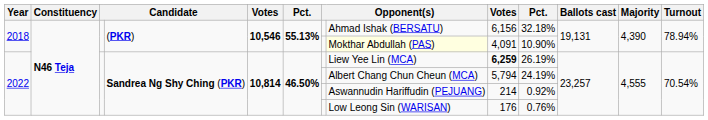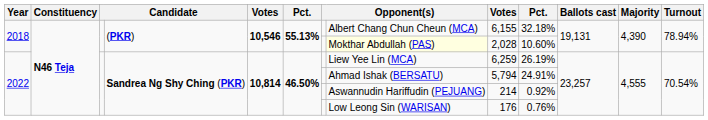 <table class="wikitable" style="margin:0.5em ; font-size:95%">
 <tr>
 <th>Year</th>
 <th>Constituency</th>
 <th colspan="2">Candidate</th>
 <th>Votes</th>
 <th>Pct.</th>
 <th colspan="2">Opponent(s)</th>
 <th>Votes</th>
 <th>Pct.</th>
 <th>Ballots cast</th>
 <th>Majority</th>
 <th>Turnout</th>
 </tr>
 <tr>
 <td rowspan="2"><a href='#'>2018</a></td>
 <td rowspan="6"><strong>N46 <a href='#'>Teja</a></strong></td>
 <td rowspan="2" ></td>
 <td rowspan="2"> (<a href='#'><strong>PKR</strong></a>)</td>
 <td rowspan="2" align=right><strong>10,546</strong></td>
 <td rowspan="2"><strong>55.13%</strong></td>
 <td></td>
-<td>Ahmad Ishak (<a href='#'>BERSATU</a>)</td>
-<td align=right>6,156</td>
+<td>Albert Chang Chun Cheun (<a href='#'>MCA</a>)</td>
+<td align=right>6,155</td>
 <td>32.18%</td>
 <td rowspan="2">19,131</td>
 <td rowspan="2">4,390</td>
 <td rowspan="2">78.94%</td>
 </tr>
 <tr>
 <td></td>
 <td style="background: lightyellow;">Mokthar Abdullah (<a href='#'>PAS</a>)</td>
-<td align=right>4,091</td>
-<td>10.90%</td>
+<td align=right>2,028</td>
+<td>10.60%</td>
 </tr>
 <tr>
 <td rowspan="4"><a href='#'>2022</a></td>
 <td rowspan="4" ></td>
 <td rowspan="4"><strong>Sandrea Ng Shy Ching</strong> (<a href='#'><strong>PKR</strong></a>)</td>
 <td rowspan="4" align=right><strong>10,814</strong></td>
 <td rowspan="4"><strong>46.50%</strong></td>
 <td></td>
 <td>Liew Yee Lin (<a href='#'>MCA</a>)</td>
-<td align=right><strong>6,259</strong></td>
+<td align=right>6,259</td>
 <td>26.19%</td>
 <td rowspan="4">23,257</td>
 <td rowspan="4">4,555</td>
 <td rowspan="4">70.54%</td>
 </tr>
 <tr>
 <td></td>
-<td>Albert Chang Chun Cheun (<a href='#'>MCA</a>)</td>
+<td>Ahmad Ishak (<a href='#'>BERSATU</a>)</td>
 <td align=right>5,794</td>
-<td>24.19%</td>
+<td>24.91%</td>
 </tr>
 <tr>
 <td></td>
 <td>Aswannudin Hariffudin (<a href='#'>PEJUANG</a>)</td>
 <td align=right>214</td>
 <td align=right>0.92%</td>
 </tr>
 <tr>
 <td></td>
 <td>Low Leong Sin (<a href='#'>WARISAN</a>)</td>
 <td align=right>176</td>
 <td align=right>0.76%</td>
 </tr>
 </table>
